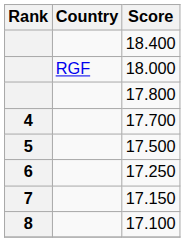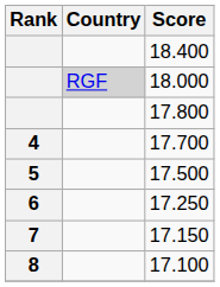 <table class="wikitable sortable">
 <tr>
 <th>Rank</th>
 <th>Country</th>
 <th>Score</th>
 </tr>
 <tr>
 <th></th>
 <td></td>
 <td>18.400</td>
 </tr>
 <tr>
 <th></th>
-<td><a href='#'>RGF</a></td>
+<td style="background: lightgrey;"><a href='#'>RGF</a></td>
 <td>18.000</td>
 </tr>
 <tr>
 <th></th>
 <td></td>
 <td>17.800</td>
 </tr>
 <tr>
 <th>4</th>
 <td></td>
 <td>17.700</td>
 </tr>
 <tr>
 <th>5</th>
 <td></td>
 <td>17.500</td>
 </tr>
 <tr>
 <th>6</th>
 <td></td>
 <td>17.250</td>
 </tr>
 <tr>
 <th>7</th>
 <td></td>
 <td>17.150</td>
 </tr>
 <tr>
 <th>8</th>
 <td></td>
 <td>17.100</td>
 </tr>
 <tr>
 </tr>
 </table>
